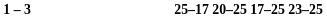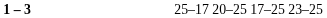 <table width=100% cellspacing=1>
 <tr>
 <th width=20%></th>
 <th width=12%></th>
 <th width=20%></th>
 <th width=33%></th>
 <td></td>
 </tr>
 <tr style=font-size:90%>
 <td align=right></td>
 <td align=center><strong>1 – 3</strong></td>
 <td><strong></strong></td>
-<td><strong>25–17 20–25 17–25 23–25</strong></td>
+<td>25–17 20–25 17–25 23–25</td>
 </tr>
 </table>
